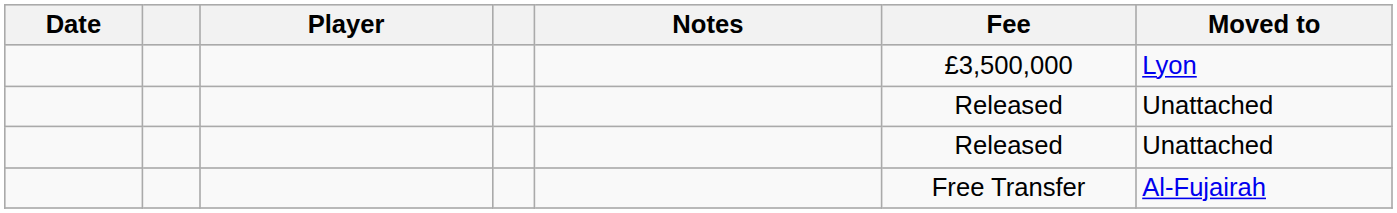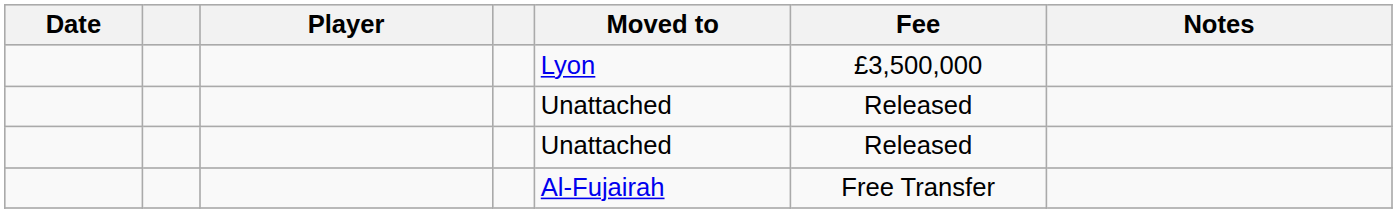 <table class="wikitable sortable">
 <tr>
 <th style="width:80px;">Date</th>
 <th style="width:30px;"></th>
 <th style="width:180px;">Player</th>
 <th style="width:20px;"></th>
+<th style="width:155px;">Moved to</th>
+<th style="width:155px;" class="unsortable">Fee</th>
 <th style="width:215px;" class="unsortable">Notes</th>
-<th style="width:155px;" class="unsortable">Fee</th>
-<th style="width:155px;">Moved to</th>
 </tr>
 <tr>
 <td></td>
 <td align=center></td>
 <td> </td>
 <td></td>
+<td> <a href='#'>Lyon</a></td>
+<td align=center>£3,500,000</td>
 <td align=center></td>
-<td align=center>£3,500,000</td>
-<td> <a href='#'>Lyon</a></td>
 </tr>
 <tr>
 <td></td>
 <td align=center></td>
 <td> </td>
 <td></td>
+<td>Unattached</td>
+<td align=center>Released</td>
 <td align=center></td>
-<td align=center>Released</td>
-<td>Unattached</td>
 </tr>
 <tr>
 <td></td>
 <td align=center></td>
 <td> </td>
 <td></td>
+<td>Unattached</td>
+<td align=center>Released</td>
 <td align=center></td>
-<td align=center>Released</td>
-<td>Unattached</td>
 </tr>
 <tr>
 <td></td>
 <td align=center></td>
 <td> </td>
 <td></td>
+<td> <a href='#'>Al-Fujairah</a></td>
+<td align=center>Free Transfer</td>
 <td align=center></td>
-<td align=center>Free Transfer</td>
-<td> <a href='#'>Al-Fujairah</a></td>
 </tr>
 </table>
